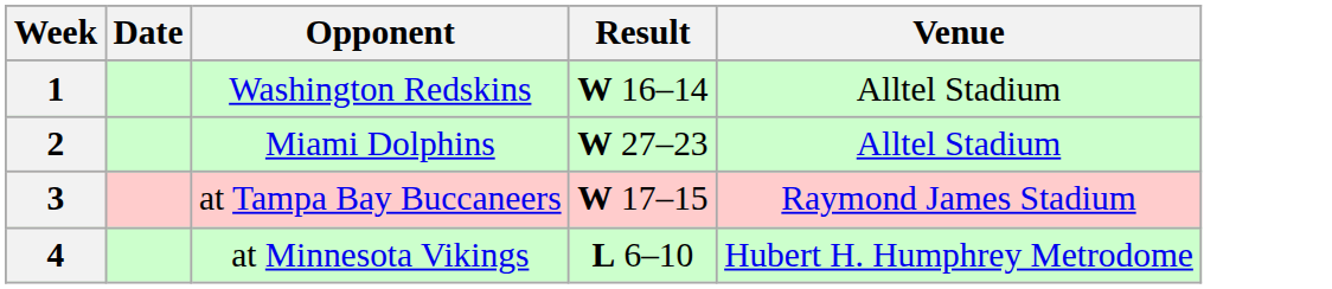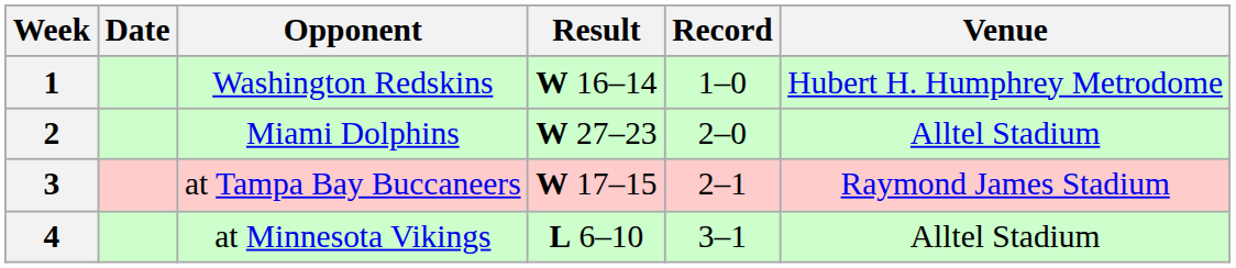 <table class="wikitable" style="text-align:center">
 <tr>
 <th>Week</th>
 <th>Date</th>
 <th>Opponent</th>
 <th>Result</th>
+<th>Record</th>
 <th>Venue</th>
 </tr>
 <tr style="background:#cfc">
 <th>1</th>
 <td></td>
 <td><a href='#'>Washington Redskins</a></td>
 <td><strong>W</strong> 16–14</td>
-<td>Alltel Stadium</td>
+<td>1–0</td>
+<td><a href='#'>Hubert H. Humphrey Metrodome</a></td>
 </tr>
 <tr style="background:#cfc">
 <th>2</th>
 <td></td>
 <td><a href='#'>Miami Dolphins</a></td>
 <td><strong>W</strong> 27–23</td>
+<td>2–0</td>
 <td><a href='#'>Alltel Stadium</a></td>
 </tr>
 <tr style="background:#fcc">
 <th>3</th>
 <td></td>
 <td>at <a href='#'>Tampa Bay Buccaneers</a></td>
 <td><strong>W</strong> 17–15</td>
+<td>2–1</td>
 <td><a href='#'>Raymond James Stadium</a></td>
 </tr>
 <tr style="background:#cfc">
 <th>4</th>
 <td></td>
 <td>at <a href='#'>Minnesota Vikings</a></td>
 <td><strong>L</strong> 6–10</td>
-<td><a href='#'>Hubert H. Humphrey Metrodome</a></td>
+<td>3–1</td>
+<td>Alltel Stadium</td>
 </tr>
 </table>
